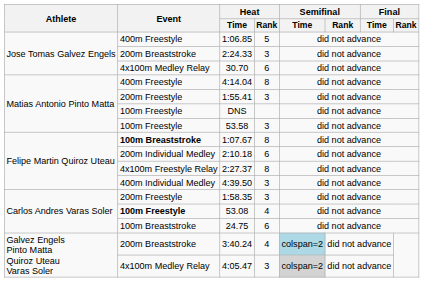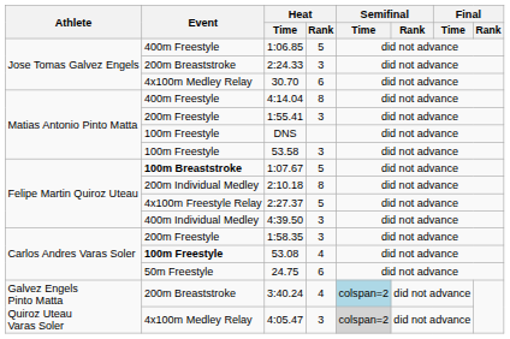 <table class=wikitable style="font-size:90%">
 <tr>
 <th rowspan="2">Athlete</th>
 <th rowspan="2">Event</th>
 <th colspan="2">Heat</th>
 <th colspan="2">Semifinal</th>
 <th colspan="2">Final</th>
 </tr>
 <tr style="font-size:95%">
 <th>Time</th>
 <th>Rank</th>
 <th>Time</th>
 <th>Rank</th>
 <th>Time</th>
 <th>Rank</th>
 </tr>
 <tr align=center>
 <td align=left rowspan=3>Jose Tomas Galvez Engels</td>
 <td align=left>400m Freestyle</td>
 <td>1:06.85</td>
 <td>5</td>
 <td colspan=4>did not advance</td>
 </tr>
 <tr align=center>
 <td align=left>200m Breaststroke</td>
 <td>2:24.33</td>
 <td>3</td>
 <td colspan=4>did not advance</td>
 </tr>
 <tr align=center>
 <td align=left>4x100m Medley Relay</td>
 <td>30.70</td>
 <td>6</td>
 <td colspan=4>did not advance</td>
 </tr>
 <tr align=center>
 <td align=left rowspan=4>Matias Antonio Pinto Matta</td>
 <td align=left>400m Freestyle</td>
 <td>4:14.04</td>
 <td>8</td>
 <td colspan=4>did not advance</td>
 </tr>
 <tr align=center>
 <td align=left>200m Freestyle</td>
 <td>1:55.41</td>
 <td>3</td>
 <td colspan=4>did not advance</td>
 </tr>
 <tr align=center>
 <td align=left>100m Freestyle</td>
 <td>DNS</td>
 <td></td>
 <td colspan=4>did not advance</td>
 </tr>
 <tr align=center>
 <td align=left>100m Freestyle</td>
 <td>53.58</td>
 <td>3</td>
 <td colspan=4>did not advance</td>
 </tr>
 <tr align=center>
 <td align=left rowspan=4>Felipe Martin Quiroz Uteau</td>
 <td align=left><strong>100m Breaststroke</strong></td>
 <td>1:07.67</td>
-<td>8</td>
+<td>5</td>
 <td colspan=4>did not advance</td>
 </tr>
 <tr align=center>
 <td align=left>200m Individual Medley</td>
 <td>2:10.18</td>
-<td>6</td>
+<td>8</td>
 <td colspan=4>did not advance</td>
 </tr>
 <tr align=center>
 <td align=left>4x100m Freestyle Relay</td>
 <td>2:27.37</td>
-<td>8</td>
+<td>5</td>
 <td colspan=4>did not advance</td>
 </tr>
 <tr align=center>
 <td align=left>400m Individual Medley</td>
 <td>4:39.50</td>
 <td>3</td>
 <td colspan=4>did not advance</td>
 </tr>
 <tr align=center>
 <td align=left rowspan=3>Carlos Andres Varas Soler</td>
 <td align=left>200m Freestyle</td>
 <td>1:58.35</td>
 <td>3</td>
 <td colspan=4>did not advance</td>
 </tr>
 <tr align=center>
 <td align=left><strong>100m Freestyle</strong></td>
 <td>53.08</td>
 <td>4</td>
 <td colspan=4>did not advance</td>
 </tr>
 <tr align=center>
-<td align=left>100m Breaststroke</td>
+<td align=left>50m Freestyle</td>
 <td>24.75</td>
 <td>6</td>
 <td colspan=4>did not advance</td>
 </tr>
 <tr align=center>
 <td align=left rowspan=2>Galvez Engels<br>Pinto Matta<br>Quiroz Uteau<br>Varas Soler</td>
 <td align=left>200m Breaststroke</td>
 <td>3:40.24</td>
 <td>4</td>
 <td style="background: lightblue;">colspan=2 </td>
 <td colspan=2>did not advance</td>
 </tr>
 <tr align=center>
 <td align=left>4x100m Medley Relay</td>
 <td>4:05.47</td>
 <td>3</td>
 <td style="background: lightgrey;">colspan=2 </td>
 <td colspan=2>did not advance</td>
 </tr>
 </table>
